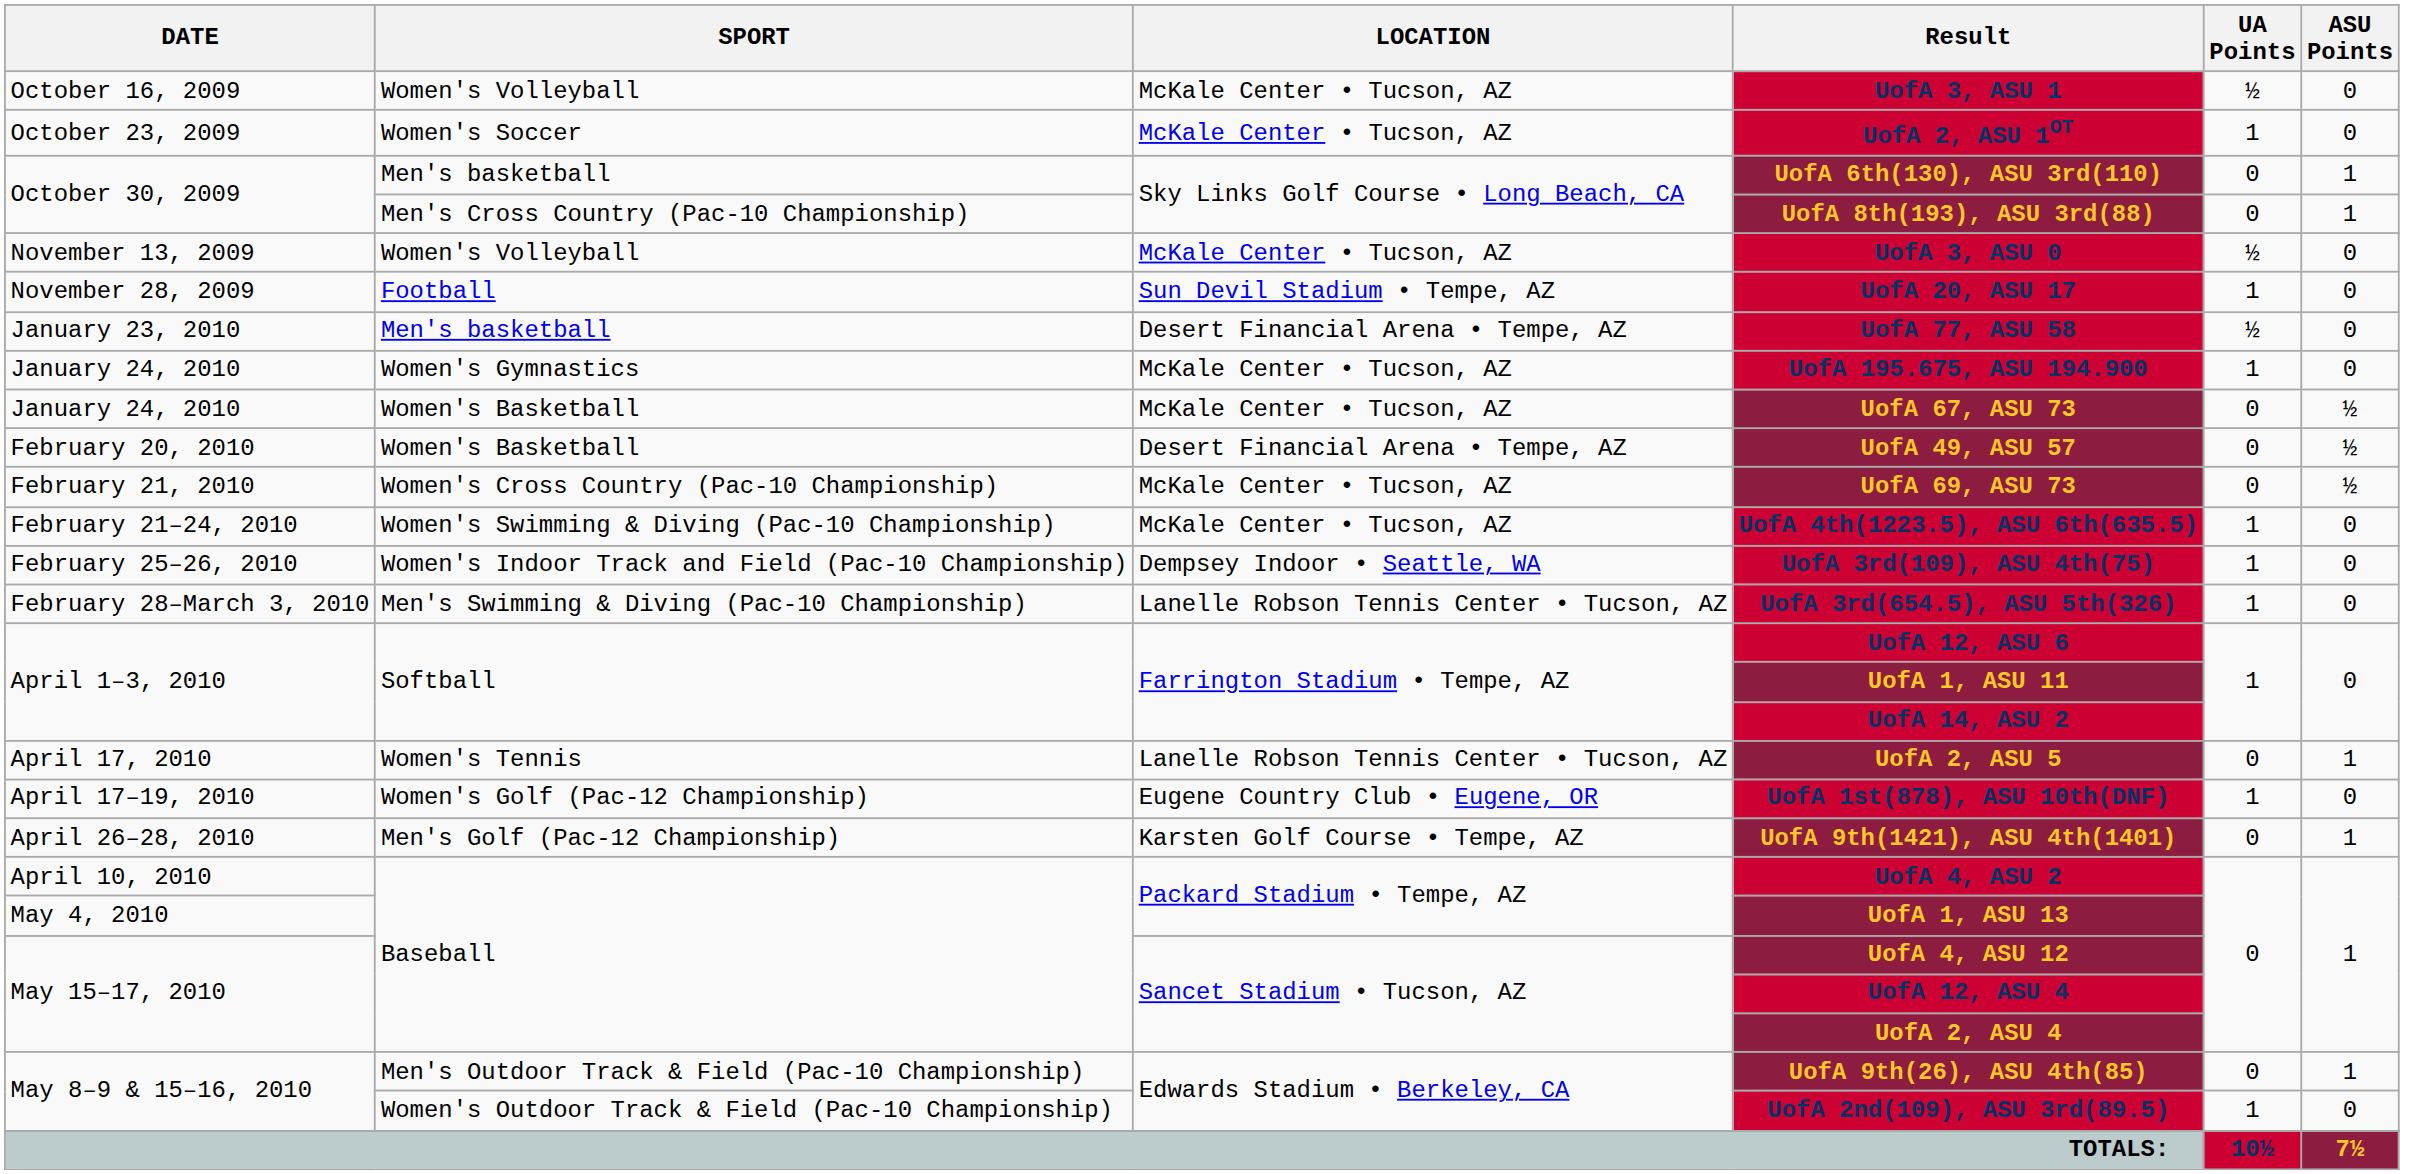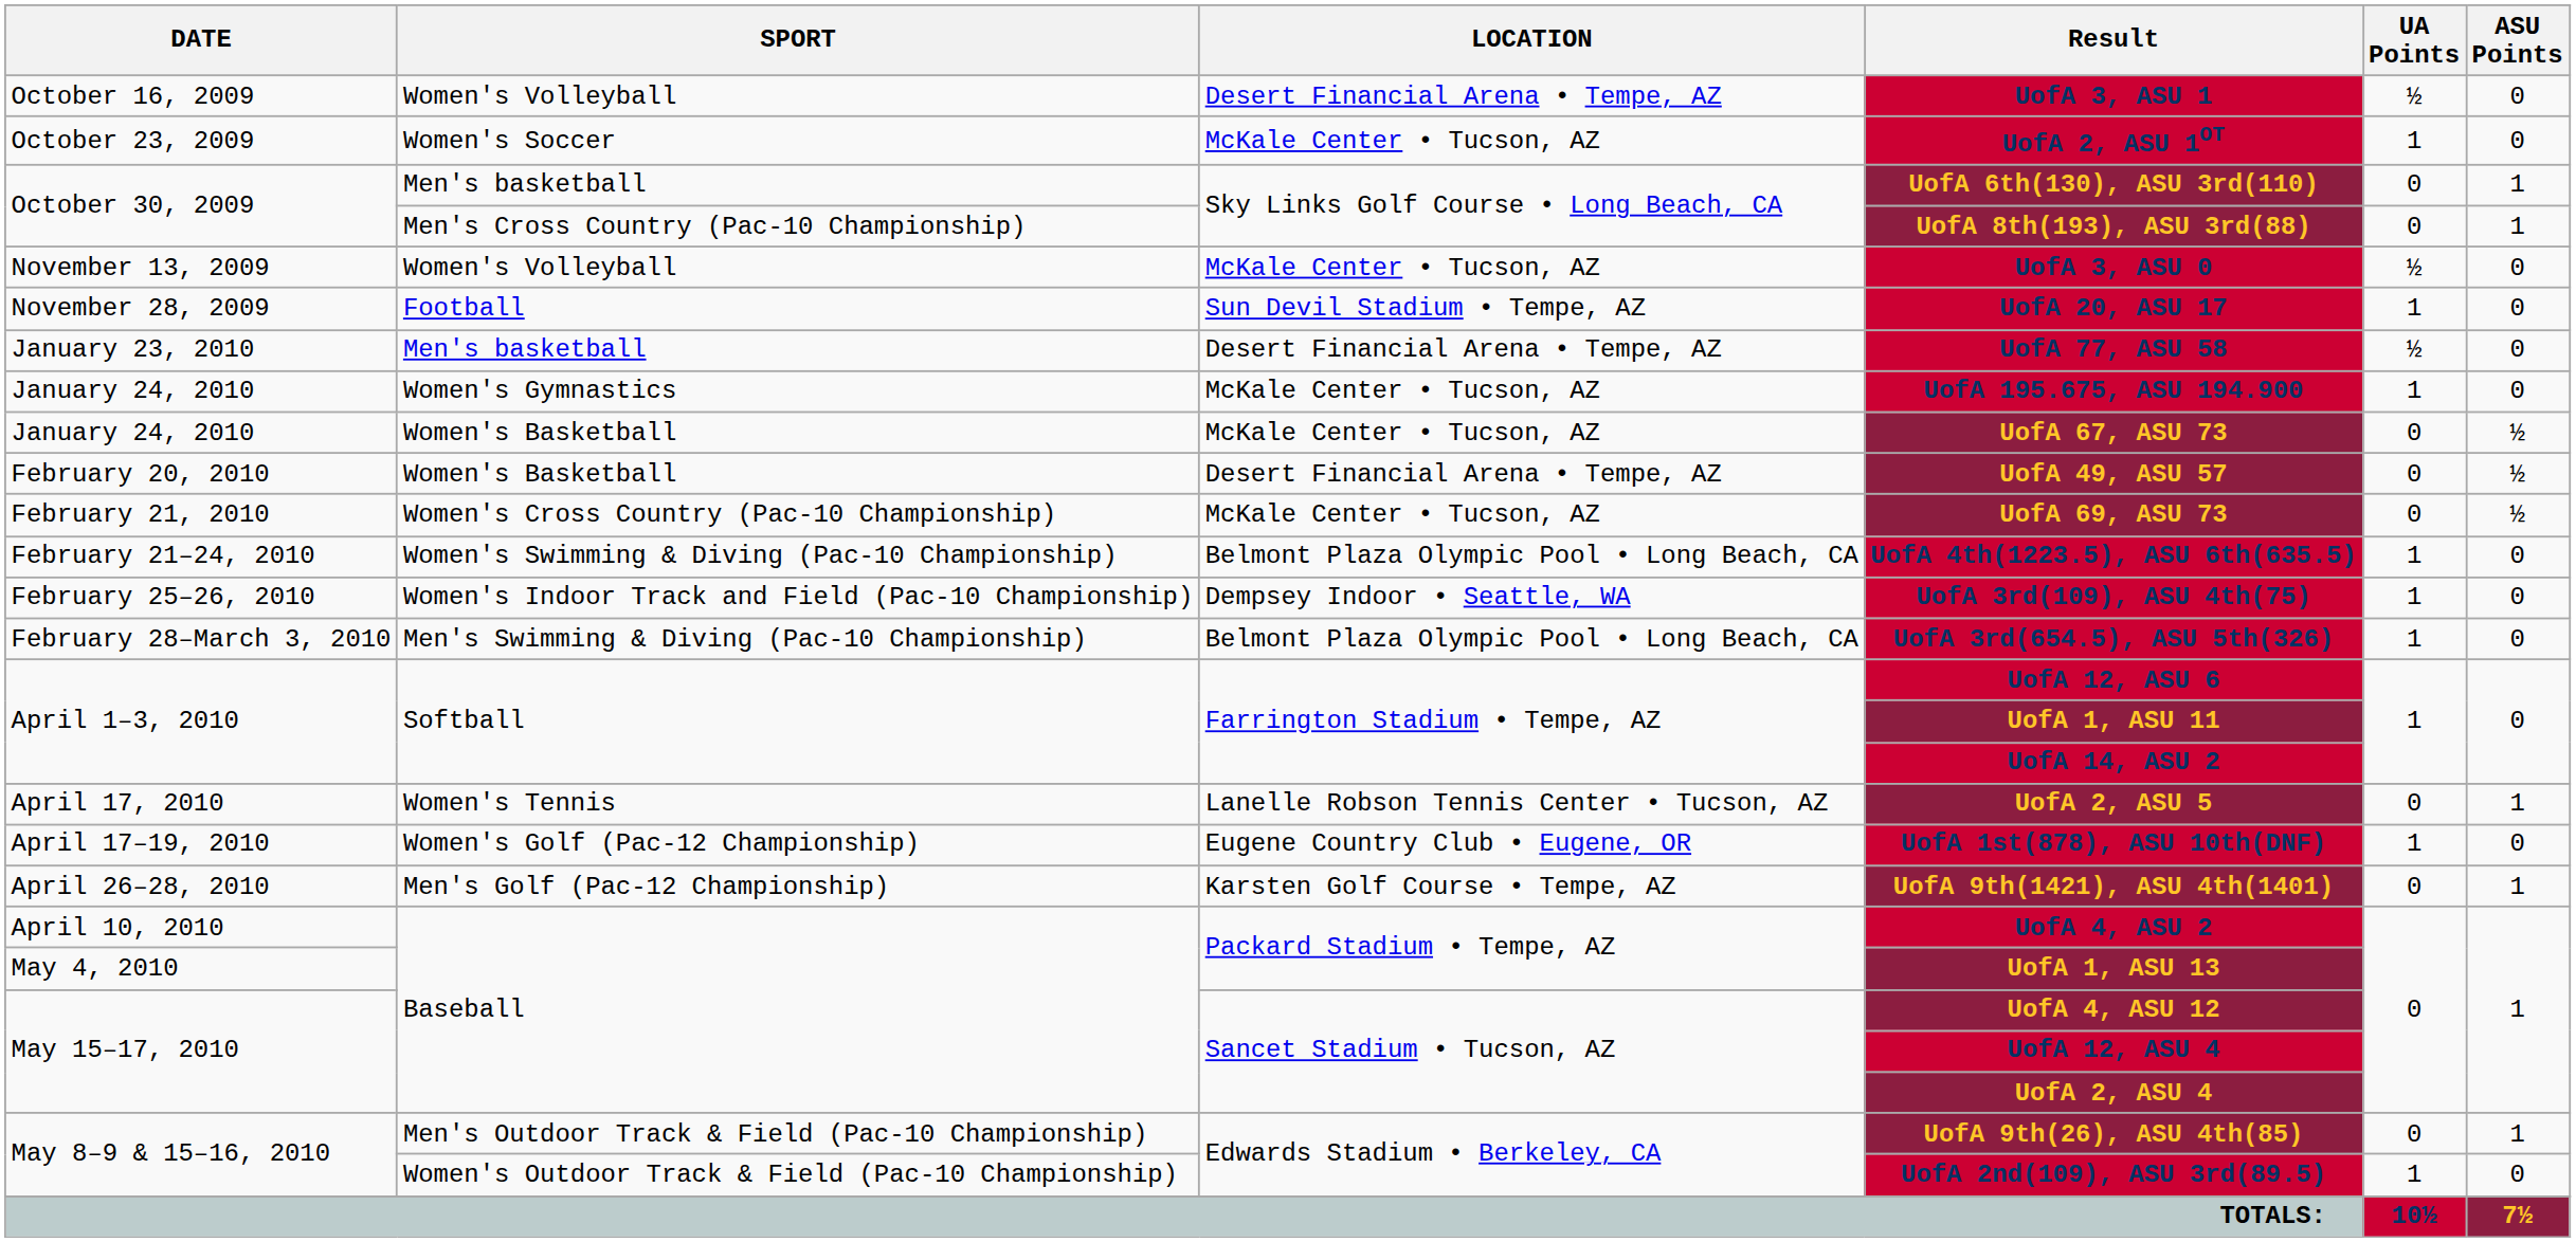 <table class=wikitable>
 <tr>
 <th>DATE</th>
 <th>SPORT</th>
 <th>LOCATION</th>
 <th>Result</th>
 <th>UA<br>Points</th>
 <th>ASU<br>Points</th>
 </tr>
 <tr>
 <td>October 16, 2009</td>
 <td>Women's Volleyball</td>
-<td>McKale Center • Tucson, AZ</td>
+<td><a href='#'>Desert Financial Arena</a> • <a href='#'>Tempe, AZ</a></td>
 <th style="background:#CC0033; color:#003366;">UofA 3, ASU 1</th>
 <td align="center">½</td>
 <td align="center">0</td>
 </tr>
 <tr>
 <td>October 23, 2009</td>
 <td>Women's Soccer</td>
 <td><a href='#'>McKale Center</a> • Tucson, AZ</td>
 <th style="background:#CC0033; color:#003366;">UofA 2, ASU 1<sup>OT</sup></th>
 <td align="center">1</td>
 <td align="center">0</td>
 </tr>
 <tr>
 <td rowspan="2">October 30, 2009</td>
 <td>Men's basketball</td>
 <td rowspan="2">Sky Links Golf Course • <a href='#'>Long Beach, CA</a></td>
 <th style="background:#8C1D40; color:#FFC627;">UofA 6th(130), ASU 3rd(110)</th>
 <td align="center">0</td>
 <td align="center">1</td>
 </tr>
 <tr>
 <td>Men's Cross Country (Pac-10 Championship)</td>
 <th style="background:#8C1D40; color:#FFC627;">UofA 8th(193), ASU 3rd(88)</th>
 <td align="center">0</td>
 <td align="center">1</td>
 </tr>
 <tr>
 <td>November 13, 2009</td>
 <td>Women's Volleyball</td>
 <td><a href='#'>McKale Center</a> • Tucson, AZ</td>
 <th style="background:#CC0033; color:#003366;">UofA 3, ASU 0</th>
 <td align="center">½</td>
 <td align="center">0</td>
 </tr>
 <tr>
 <td>November 28, 2009</td>
 <td><a href='#'>Football</a></td>
 <td><a href='#'>Sun Devil Stadium</a> • Tempe, AZ</td>
 <th style="background:#CC0033; color:#003366;">UofA 20, ASU 17</th>
 <td align="center">1</td>
 <td align="center">0</td>
 </tr>
 <tr>
 <td>January 23, 2010</td>
 <td><a href='#'>Men's basketball</a></td>
 <td>Desert Financial Arena • Tempe, AZ</td>
 <th style="background:#CC0033; color:#003366;">UofA 77, ASU 58</th>
 <td align="center">½</td>
 <td align="center">0</td>
 </tr>
 <tr>
 <td>January 24, 2010</td>
 <td>Women's Gymnastics</td>
 <td>McKale Center • Tucson, AZ</td>
 <th style="background:#CC0033; color:#003366;">UofA 195.675, ASU 194.900</th>
 <td align="center">1</td>
 <td align="center">0</td>
 </tr>
 <tr>
 <td>January 24, 2010</td>
 <td>Women's Basketball</td>
 <td>McKale Center • Tucson, AZ</td>
 <th style="background:#8C1D40; color:#FFC627;">UofA 67, ASU 73</th>
 <td align="center">0</td>
 <td align="center">½</td>
 </tr>
 <tr>
 <td>February 20, 2010</td>
 <td>Women's Basketball</td>
 <td>Desert Financial Arena • Tempe, AZ</td>
 <th style="background:#8C1D40; color:#FFC627;">UofA 49, ASU 57</th>
 <td align="center">0</td>
 <td align="center">½</td>
 </tr>
 <tr>
 <td>February 21, 2010</td>
 <td>Women's Cross Country (Pac-10 Championship)</td>
 <td>McKale Center • Tucson, AZ</td>
 <th style="background:#8C1D40; color:#FFC627;">UofA 69, ASU 73</th>
 <td align="center">0</td>
 <td align="center">½</td>
 </tr>
 <tr>
 <td>February 21–24, 2010</td>
 <td>Women's Swimming & Diving (Pac-10 Championship)</td>
-<td>McKale Center • Tucson, AZ</td>
+<td>Belmont Plaza Olympic Pool • Long Beach, CA</td>
 <th style="background:#CC0033; color:#003366;">UofA 4th(1223.5), ASU 6th(635.5)</th>
 <td align="center">1</td>
 <td align="center">0</td>
 </tr>
 <tr>
 <td>February 25–26, 2010</td>
 <td>Women's Indoor Track and Field (Pac-10 Championship)</td>
 <td>Dempsey Indoor • <a href='#'>Seattle, WA</a></td>
 <th style="background:#CC0033; color:#003366;">UofA 3rd(109), ASU 4th(75)</th>
 <td align="center">1</td>
 <td align="center">0</td>
 </tr>
 <tr>
 <td>February 28–March 3, 2010</td>
 <td>Men's Swimming & Diving (Pac-10 Championship)</td>
-<td>Lanelle Robson Tennis Center • Tucson, AZ</td>
+<td>Belmont Plaza Olympic Pool • Long Beach, CA</td>
 <th style="background:#CC0033; color:#003366;">UofA 3rd(654.5), ASU 5th(326)</th>
 <td align="center">1</td>
 <td align="center">0</td>
 </tr>
 <tr>
 <td rowspan="3">April 1–3, 2010</td>
 <td rowspan="3">Softball</td>
 <td rowspan="3"><a href='#'>Farrington Stadium</a> • Tempe, AZ</td>
 <th style="background:#CC0033; color:#003366;">UofA 12, ASU 6</th>
 <td rowspan="3" align="center">1</td>
 <td rowspan="3" align="center">0</td>
 </tr>
 <tr>
 <th style="background:#8C1D40; color:#FFC627;">UofA 1, ASU 11</th>
 </tr>
 <tr>
 <th style="background:#CC0033; color:#003366;">UofA 14, ASU 2</th>
 </tr>
 <tr>
 <td>April 17, 2010</td>
 <td>Women's Tennis</td>
 <td>Lanelle Robson Tennis Center • Tucson, AZ</td>
 <th style="background:#8C1D40; color:#FFC627;">UofA 2, ASU 5</th>
 <td align="center">0</td>
 <td align="center">1</td>
 </tr>
 <tr>
 <td>April 17–19, 2010</td>
 <td>Women's Golf (Pac-12 Championship)</td>
 <td>Eugene Country Club • <a href='#'>Eugene, OR</a></td>
 <th style="background:#CC0033; color:#003366;">UofA 1st(878), ASU 10th(DNF)</th>
 <td align="center">1</td>
 <td align="center">0</td>
 </tr>
 <tr>
 <td>April 26–28, 2010</td>
 <td>Men's Golf (Pac-12 Championship)</td>
 <td>Karsten Golf Course • Tempe, AZ</td>
 <th style="background:#8C1D40; color:#FFC627;">UofA 9th(1421), ASU 4th(1401)</th>
 <td align="center">0</td>
 <td align="center">1</td>
 </tr>
 <tr>
 <td>April 10, 2010</td>
 <td rowspan="5">Baseball</td>
 <td rowspan="2"><a href='#'>Packard Stadium</a> • Tempe, AZ</td>
 <th style="background:#CC0033; color:#003366;">UofA 4, ASU 2</th>
 <td rowspan="5" align="center">0</td>
 <td rowspan="5" align="center">1</td>
 </tr>
 <tr>
 <td>May 4, 2010</td>
 <th style="background:#8C1D40; color:#FFC627;">UofA 1, ASU 13</th>
 </tr>
 <tr>
 <td rowspan="3">May 15–17, 2010</td>
 <td rowspan="3"><a href='#'>Sancet Stadium</a> • Tucson, AZ</td>
 <th style="background:#8C1D40; color:#FFC627;">UofA 4, ASU 12</th>
 </tr>
 <tr>
 <th style="background:#CC0033; color:#003366;">UofA 12, ASU 4</th>
 </tr>
 <tr>
 <th style="background:#8C1D40; color:#FFC627;">UofA 2, ASU 4</th>
 </tr>
 <tr>
 <td rowspan=2>May 8–9 & 15–16, 2010</td>
 <td>Men's Outdoor Track & Field (Pac-10 Championship)</td>
 <td rowspan=2>Edwards Stadium • <a href='#'>Berkeley, CA</a></td>
 <th style="background:#8C1D40; color:#FFC627;">UofA 9th(26), ASU 4th(85)</th>
 <td align="center">0</td>
 <td align="center">1</td>
 </tr>
 <tr>
 <td>Women's Outdoor Track & Field (Pac-10 Championship)</td>
 <th style="background:#CC0033; color:#003366;">UofA 2nd(109), ASU 3rd(89.5)</th>
 <td align="center">1</td>
 <td align="center">0</td>
 </tr>
 <tr>
 </tr>
 <tr style="background:#bccccc;">
 <td colspan="4" style="text-align:right;"><strong>TOTALS:</strong>  </td>
 <th style="background:#CC0033; color:#003366;">10½</th>
 <th style="background:#8C1D40; color:#FFC627;">7½</th>
 </tr>
 </table>
